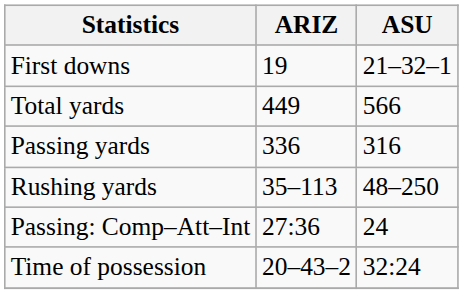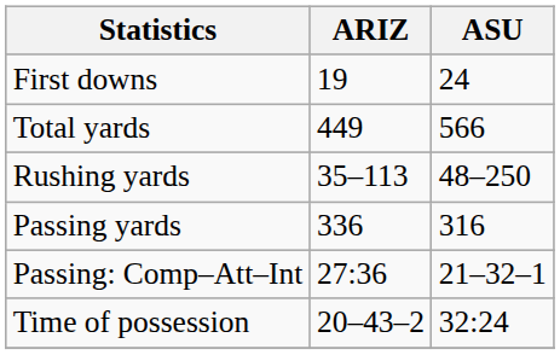 <table class="wikitable" style="float: left;">
 <tr>
 <th>Statistics</th>
 <th>ARIZ</th>
 <th>ASU</th>
 </tr>
 <tr>
 <td>First downs</td>
 <td>19</td>
-<td>21–32–1</td>
+<td>24</td>
 </tr>
 <tr>
 <td>Total yards</td>
 <td>449</td>
 <td>566</td>
 </tr>
 <tr>
+<td>Rushing yards</td>
+<td>35–113</td>
+<td>48–250</td>
+</tr>
+<tr>
 <td>Passing yards</td>
 <td>336</td>
 <td>316</td>
 </tr>
 <tr>
-<td>Rushing yards</td>
-<td>35–113</td>
-<td>48–250</td>
-</tr>
-<tr>
 <td>Passing: Comp–Att–Int</td>
 <td>27:36</td>
-<td>24</td>
+<td>21–32–1</td>
 </tr>
 <tr>
 <td>Time of possession</td>
 <td>20–43–2</td>
 <td>32:24</td>
 </tr>
 <tr>
 </tr>
 </table>
